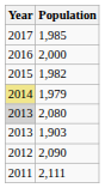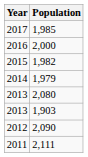 <table class="wikitable">
 <tr>
 <th>Year</th>
 <th>Population</th>
 </tr>
 <tr>
 <td>2017</td>
 <td>1,985</td>
 </tr>
 <tr>
 <td>2016</td>
 <td>2,000</td>
 </tr>
 <tr>
 <td>2015</td>
 <td>1,982</td>
 </tr>
 <tr>
-<td style="background: khaki;">2014</td>
+<td>2014</td>
 <td>1,979</td>
 </tr>
 <tr>
-<td style="background: lightgrey;">2013</td>
+<td>2013</td>
 <td>2,080</td>
 </tr>
 <tr>
 <td>2013</td>
 <td>1,903</td>
 </tr>
 <tr>
 <td>2012</td>
 <td>2,090</td>
 </tr>
 <tr>
 <td>2011</td>
 <td>2,111</td>
 </tr>
 </table>
